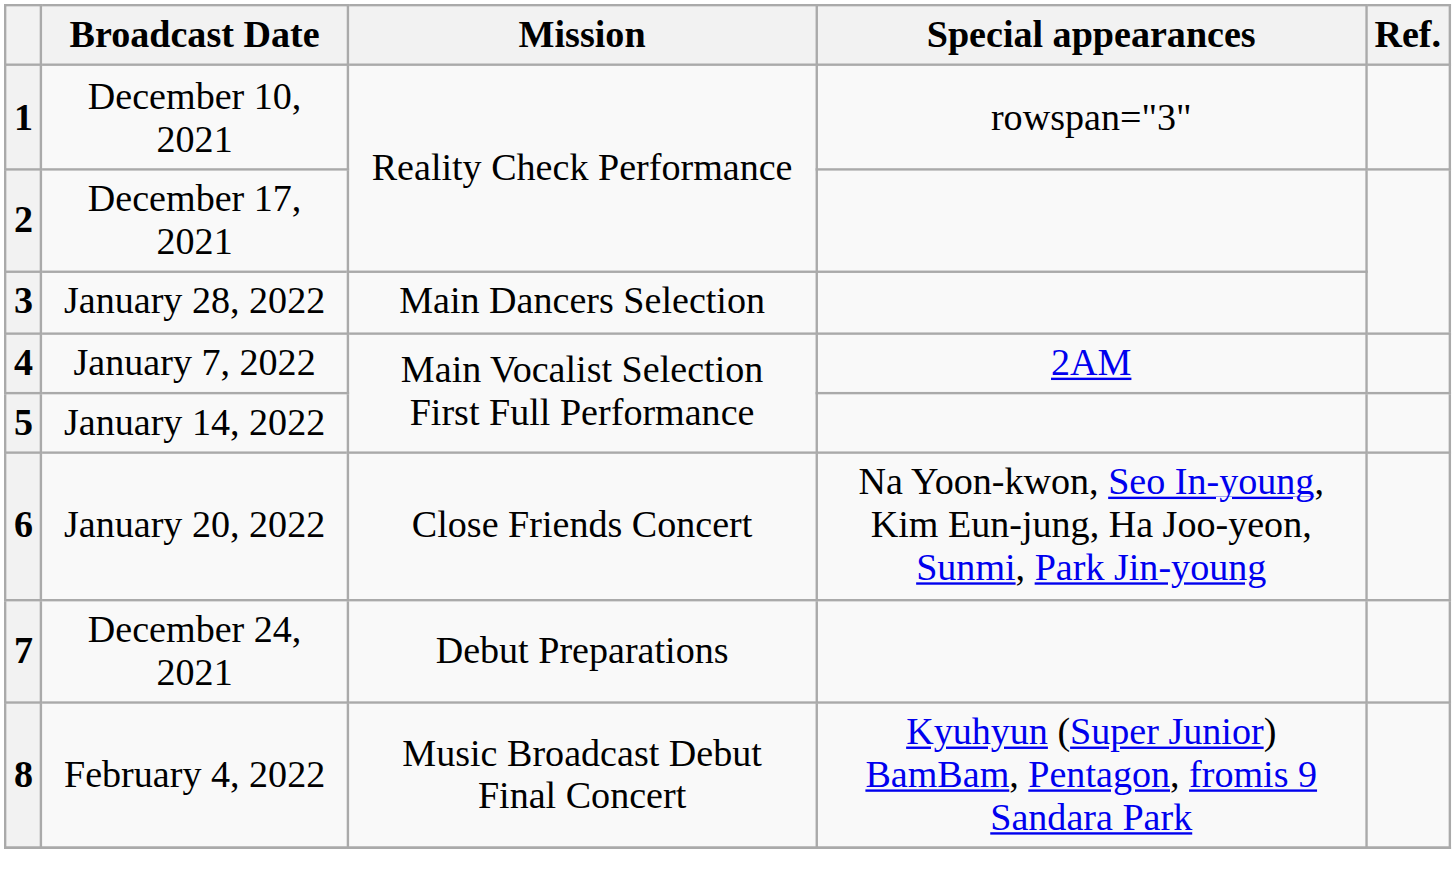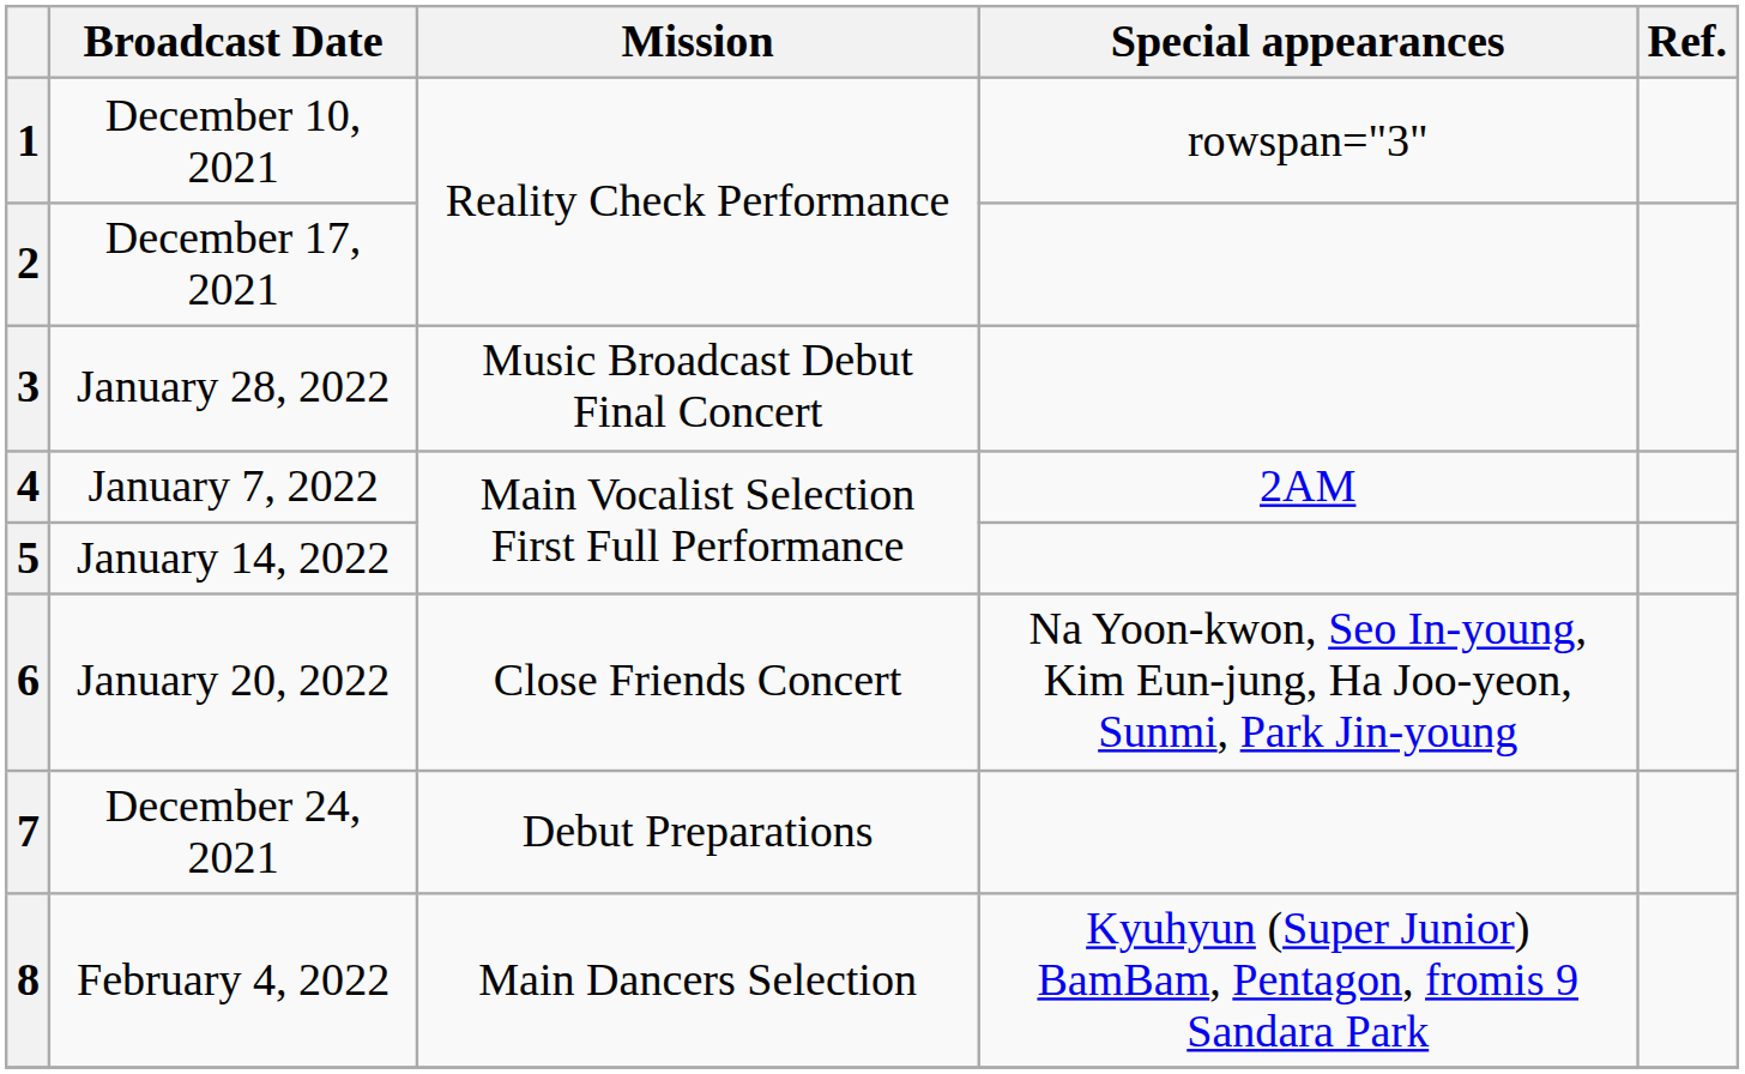 <table Class ="wikitable" style="text-align:center;">
 <tr>
 <th></th>
 <th width="150px">Broadcast Date</th>
 <th width="250px">Mission</th>
 <th width="300px">Special appearances</th>
 <th>Ref.</th>
 </tr>
 <tr>
 <th>1</th>
 <td>December 10, 2021</td>
 <td rowspan="2">Reality Check Performance</td>
 <td>rowspan="3" </td>
 <td></td>
 </tr>
 <tr>
 <th>2</th>
 <td>December 17, 2021</td>
 <td></td>
 </tr>
 <tr>
 <th>3</th>
 <td>January 28, 2022</td>
-<td>Main Dancers Selection</td>
+<td>Music Broadcast Debut<br>Final Concert</td>
 <td></td>
 </tr>
 <tr>
 <th>4</th>
 <td>January 7, 2022</td>
 <td rowspan="2">Main Vocalist Selection<br>First Full Performance</td>
 <td><a href='#'>2AM</a></td>
 <td></td>
 </tr>
 <tr>
 <th>5</th>
 <td>January 14, 2022</td>
 <td></td>
 <td></td>
 </tr>
 <tr>
 <th>6</th>
 <td>January 20, 2022</td>
 <td>Close Friends Concert</td>
 <td>Na Yoon-kwon, <a href='#'>Seo In-young</a>, Kim Eun-jung, Ha Joo-yeon, <a href='#'>Sunmi</a>, <a href='#'>Park Jin-young</a></td>
 <td></td>
 </tr>
 <tr>
 <th>7</th>
 <td>December 24, 2021</td>
 <td>Debut Preparations</td>
 <td></td>
 <td></td>
 </tr>
 <tr>
 <th>8</th>
 <td>February 4, 2022</td>
-<td>Music Broadcast Debut<br>Final Concert</td>
+<td>Main Dancers Selection</td>
 <td><a href='#'>Kyuhyun</a> (<a href='#'>Super Junior</a>)<br><a href='#'>BamBam</a>, <a href='#'>Pentagon</a>, <a href='#'>fromis 9</a><br><a href='#'>Sandara Park</a></td>
 <td></td>
 </tr>
 <tr>
 </tr>
 </table>
